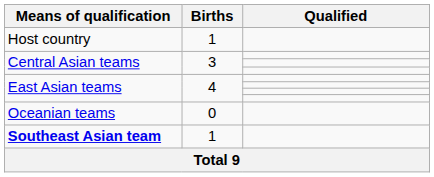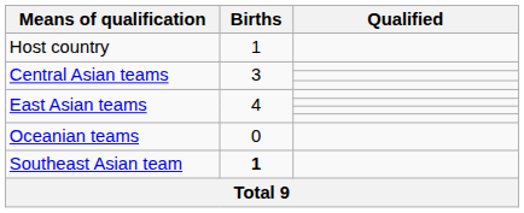 <table class="wikitable">
 <tr>
 <th style="margin:0; width:38%;">Means of qualification</th>
 <th style="margin:0; width:13%;">Births</th>
 <th style="margin:0; width:40%;">Qualified</th>
 </tr>
 <tr>
 <td>Host country</td>
 <td align=center>1</td>
 <td></td>
 </tr>
 <tr>
 <td rowspan=3><a href='#'>Central Asian teams</a></td>
 <td rowspan=3 align=center>3</td>
 <td></td>
 </tr>
 <tr>
 <td></td>
 </tr>
 <tr>
 <td></td>
 </tr>
 <tr>
 <td rowspan=4><a href='#'>East Asian teams</a></td>
 <td rowspan=4 align=center>4</td>
 <td></td>
 </tr>
 <tr>
 <td></td>
 </tr>
 <tr>
 <td></td>
 </tr>
 <tr>
 <td></td>
 </tr>
 <tr>
 <td rowspan=1><a href='#'>Oceanian teams</a></td>
 <td rowspan=1 align=center>0</td>
 <td></td>
 </tr>
 <tr>
-<td rowspan=1><strong><a href='#'>Southeast Asian team</a></strong></td>
-<td rowspan=1 align=center>1</td>
+<td rowspan=1><a href='#'>Southeast Asian team</a></td>
+<td rowspan=1 align=center><strong>1</strong></td>
 <td></td>
 </tr>
 <tr>
 <th colspan=4>Total 9</th>
 </tr>
 </table>
